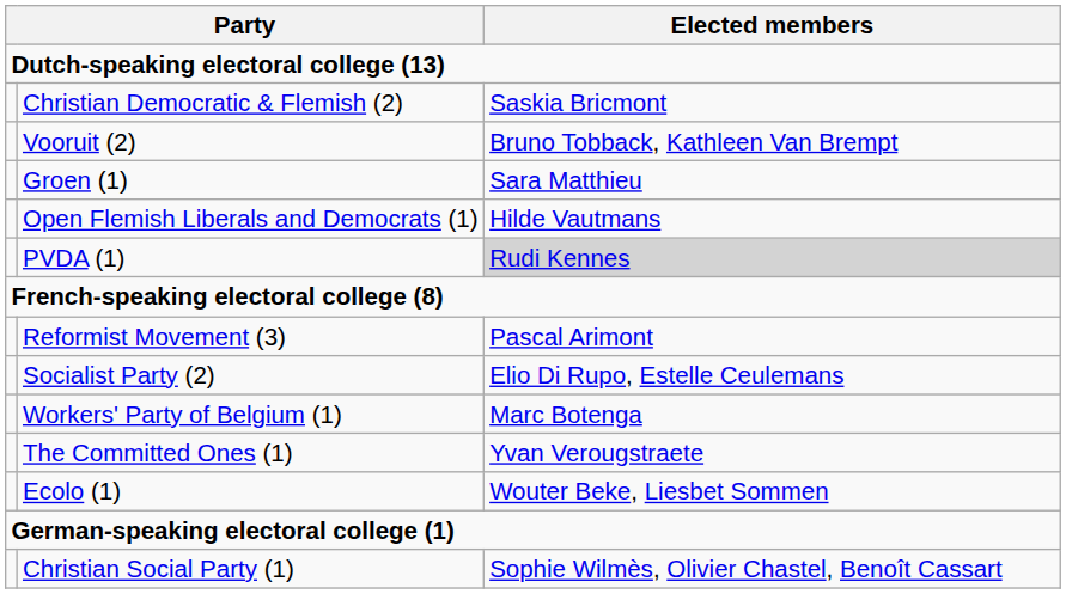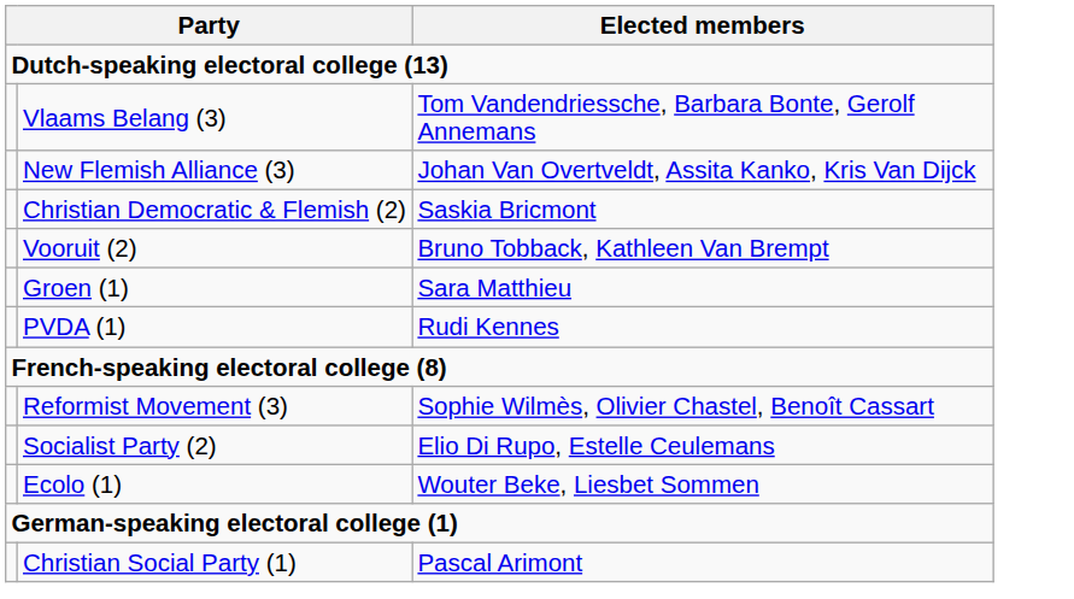 <table class="wikitable" style="font-size:95%;">
 <tr>
 <th colspan="2" style="width:175px;">Party</th>
 <th style="width:350px;">Elected members</th>
 </tr>
 <tr>
 <td colspan="3"><strong>Dutch-speaking electoral college (13)</strong></td>
+</tr>
+<tr>
+<td style="background-color: "></td>
+<td><a href='#'>Vlaams Belang</a> (3)</td>
+<td><a href='#'>Tom Vandendriessche</a>, <a href='#'>Barbara Bonte</a>, <a href='#'>Gerolf Annemans</a></td>
+</tr>
+<tr>
+<td style="background-color: "></td>
+<td><a href='#'>New Flemish Alliance</a> (3)</td>
+<td><a href='#'>Johan Van Overtveldt</a>, <a href='#'>Assita Kanko</a>, <a href='#'>Kris Van Dijck</a></td>
 </tr>
 <tr>
 <td style="background-color: "></td>
 <td><a href='#'>Christian Democratic & Flemish</a> (2)</td>
 <td><a href='#'>Saskia Bricmont</a></td>
 </tr>
 <tr>
 <td style="background-color: "></td>
 <td><a href='#'>Vooruit</a> (2)</td>
 <td><a href='#'>Bruno Tobback</a>, <a href='#'>Kathleen Van Brempt</a></td>
 </tr>
 <tr>
 <td style="background-color: "></td>
 <td><a href='#'>Groen</a> (1)</td>
 <td><a href='#'>Sara Matthieu</a></td>
 </tr>
 <tr>
 <td style="background-color: "></td>
-<td><a href='#'>Open Flemish Liberals and Democrats</a> (1)</td>
-<td><a href='#'>Hilde Vautmans</a></td>
-</tr>
-<tr>
-<td style="background-color: "></td>
 <td><a href='#'>PVDA</a> (1)</td>
-<td style="background: lightgrey;"><a href='#'>Rudi Kennes</a></td>
+<td><a href='#'>Rudi Kennes</a></td>
 </tr>
 <tr>
 <td colspan="3"><strong>French-speaking electoral college (8)</strong></td>
 </tr>
 <tr>
 <td style="background-color: "></td>
 <td><a href='#'>Reformist Movement</a> (3)</td>
-<td><a href='#'>Pascal Arimont</a></td>
+<td><a href='#'>Sophie Wilmès</a>, <a href='#'>Olivier Chastel</a>, <a href='#'>Benoît Cassart</a></td>
 </tr>
 <tr>
 <td style="background-color: "></td>
 <td><a href='#'>Socialist Party</a> (2)</td>
 <td><a href='#'>Elio Di Rupo</a>, <a href='#'>Estelle Ceulemans</a></td>
-</tr>
-<tr>
-<td style="background-color: "></td>
-<td><a href='#'>Workers' Party of Belgium</a> (1)</td>
-<td><a href='#'>Marc Botenga</a></td>
-</tr>
-<tr>
-<td style="background-color: "></td>
-<td><a href='#'>The Committed Ones</a> (1)</td>
-<td><a href='#'>Yvan Verougstraete</a></td>
 </tr>
 <tr>
 <td style="background-color: "></td>
 <td><a href='#'>Ecolo</a> (1)</td>
 <td><a href='#'>Wouter Beke</a>, <a href='#'>Liesbet Sommen</a></td>
 </tr>
 <tr>
 <td colspan="3"><strong>German-speaking electoral college (1)</strong></td>
 </tr>
 <tr>
 <td style="background-color: "></td>
 <td><a href='#'>Christian Social Party</a> (1)</td>
-<td><a href='#'>Sophie Wilmès</a>, <a href='#'>Olivier Chastel</a>, <a href='#'>Benoît Cassart</a></td>
+<td><a href='#'>Pascal Arimont</a></td>
 </tr>
 </table>
